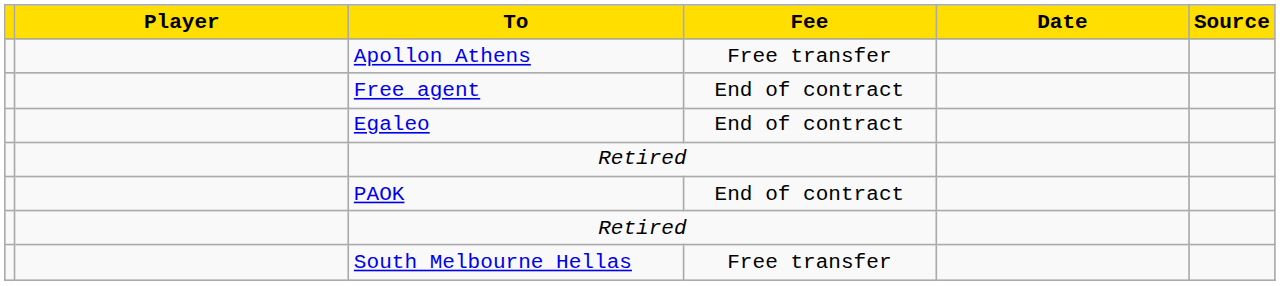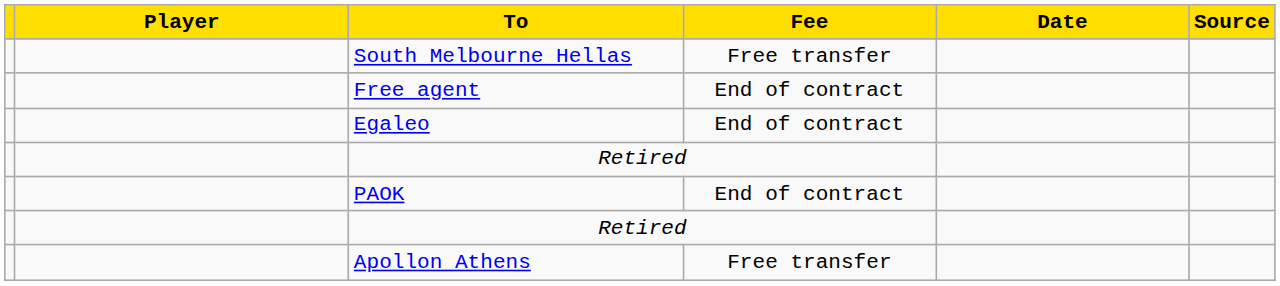 <table class="wikitable sortable">
 <tr>
 <th style="background:#FFDE00"></th>
 <th width=200 style="background:#FFDE00">Player</th>
 <th width=200 style="background:#FFDE00">To</th>
 <th width=150 style="background:#FFDE00">Fee</th>
 <th width=150 style="background:#FFDE00">Date</th>
 <th style="background:#FFDE00">Source</th>
 </tr>
 <tr>
 <td align=center></td>
 <td></td>
-<td> <a href='#'>Apollon Athens</a></td>
+<td> <a href='#'>South Melbourne Hellas</a></td>
 <td align=center>Free transfer</td>
 <td align=center></td>
 <td align=center></td>
 </tr>
 <tr>
 <td align=center></td>
 <td></td>
 <td><a href='#'>Free agent</a></td>
 <td align=center>End of contract</td>
 <td align=center></td>
 <td align=center></td>
 </tr>
 <tr>
 <td align=center></td>
 <td></td>
 <td> <a href='#'>Egaleo</a></td>
 <td align=center>End of contract</td>
 <td align=center></td>
 <td align=center></td>
 </tr>
 <tr>
 <td align=center></td>
 <td></td>
 <td align=center colspan=2><em>Retired</em></td>
 <td align=center></td>
 <td align=center></td>
 </tr>
 <tr>
 <td align=center></td>
 <td></td>
 <td> <a href='#'>PAOK</a></td>
 <td align=center>End of contract</td>
 <td align=center></td>
 <td align=center></td>
 </tr>
 <tr>
 <td align=center></td>
 <td></td>
 <td align=center colspan=2><em>Retired</em></td>
 <td align=center></td>
 <td align=center></td>
 </tr>
 <tr>
 <td align=center></td>
 <td></td>
-<td> <a href='#'>South Melbourne Hellas</a></td>
+<td> <a href='#'>Apollon Athens</a></td>
 <td align=center>Free transfer</td>
 <td align=center></td>
 <td align=center></td>
 </tr>
 </table>
